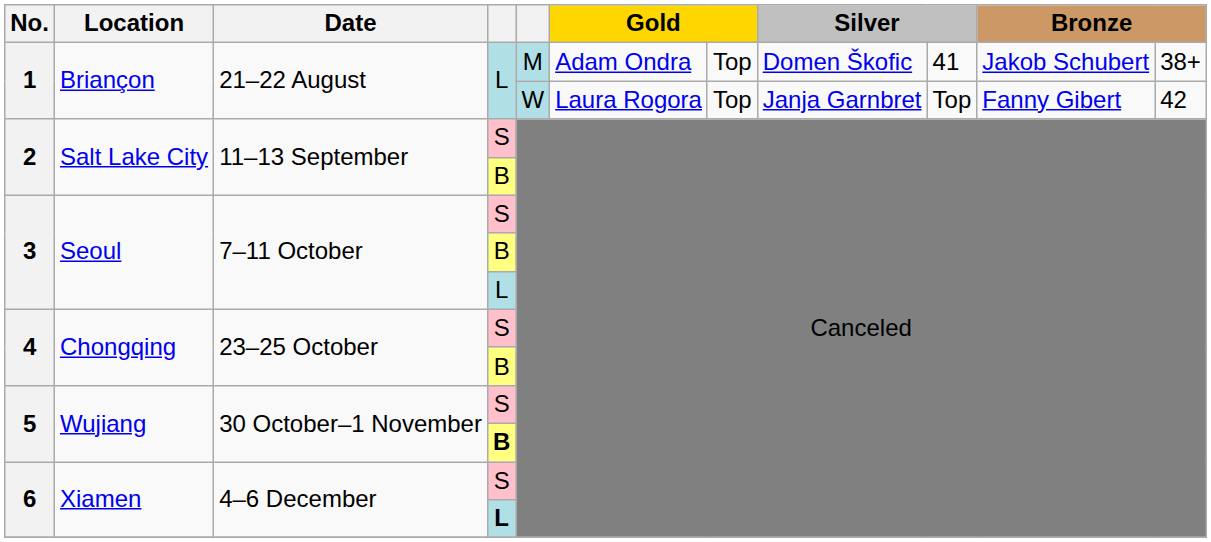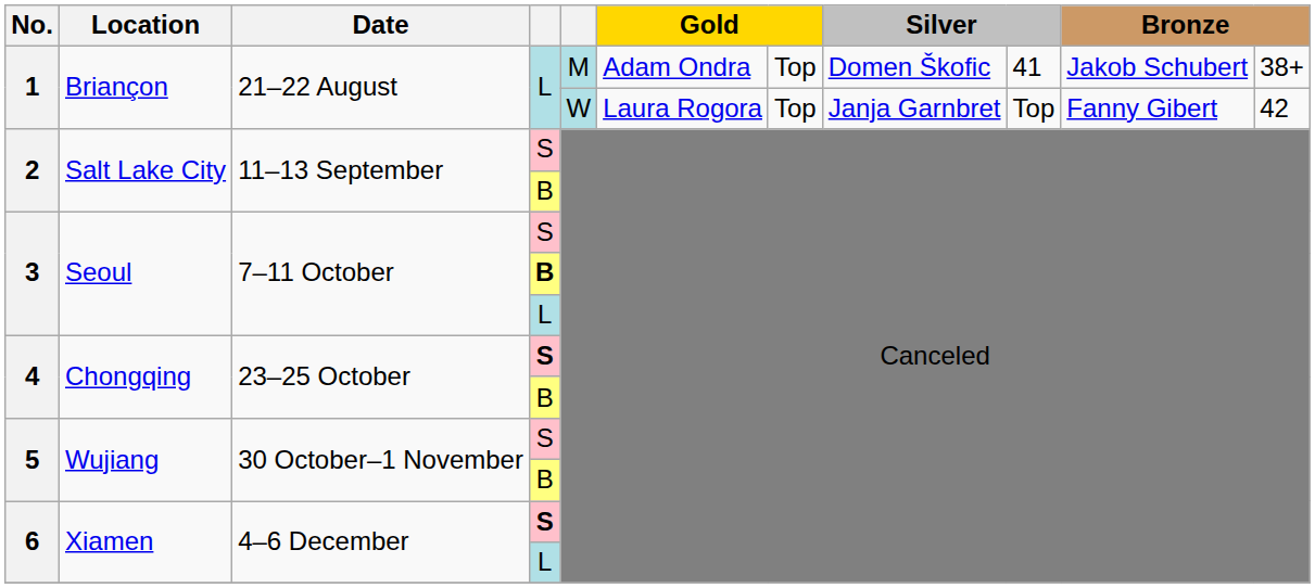 <table class="wikitable">
 <tr>
 <th>No.</th>
 <th>Location</th>
 <th>Date</th>
 <th></th>
 <th></th>
 <th colspan="2" style="background-color: gold">Gold</th>
 <th colspan="2" style="background-color: silver">Silver</th>
 <th colspan="2" style="background-color: #cc9966">Bronze</th>
 </tr>
 <tr>
 <th rowspan="2" align="center">1</th>
 <td rowspan="2"> <a href='#'>Briançon</a></td>
 <td rowspan="2">21–22 August</td>
 <td rowspan="2" align="center" style="background: PowderBlue">L</td>
 <td align="center" style="background: PowderBlue">M</td>
 <td> <a href='#'>Adam Ondra</a></td>
 <td>Top</td>
 <td> <a href='#'>Domen Škofic</a></td>
 <td>41</td>
 <td> <a href='#'>Jakob Schubert</a></td>
 <td>38+</td>
 </tr>
 <tr>
 <td align="center" style="background: PowderBlue">W</td>
 <td> <a href='#'>Laura Rogora</a></td>
 <td>Top</td>
 <td> <a href='#'>Janja Garnbret</a></td>
 <td>Top</td>
 <td> <a href='#'>Fanny Gibert</a></td>
 <td>42</td>
 </tr>
 <tr>
 <th rowspan="2" align="center">2</th>
 <td rowspan="2"> <a href='#'>Salt Lake City</a></td>
 <td rowspan="2">11–13 September</td>
 <td align="center" style="background: Pink">S</td>
 <td align="center"  rowspan ="11" colspan="7" style="background: Gray">Canceled</td>
 </tr>
 <tr>
 <td align="center" style="background: #ffff80">B</td>
 </tr>
 <tr>
 <th rowspan="3" align="center">3</th>
 <td rowspan="3"> <a href='#'>Seoul</a></td>
 <td rowspan="3">7–11 October</td>
 <td align="center" style="background: Pink">S</td>
 </tr>
 <tr>
-<td align="center" style="background: #ffff80">B</td>
+<td align="center" style="background: #ffff80"><strong>B</strong></td>
 </tr>
 <tr>
 <td align="center" style="background: PowderBlue">L</td>
 </tr>
 <tr>
 <th rowspan="2" align="center">4</th>
 <td rowspan="2"> <a href='#'>Chongqing</a></td>
 <td rowspan="2">23–25 October</td>
-<td align="center" style="background: Pink">S</td>
+<td align="center" style="background: Pink"><strong>S</strong></td>
 </tr>
 <tr>
 <td align="center" style="background: #ffff80">B</td>
 </tr>
 <tr>
 <th rowspan="2" align="center">5</th>
 <td rowspan="2"> <a href='#'>Wujiang</a></td>
 <td rowspan="2">30 October–1 November</td>
 <td align="center" style="background: Pink">S</td>
 </tr>
 <tr>
-<td align="center" style="background: #ffff80"><strong>B</strong></td>
+<td align="center" style="background: #ffff80">B</td>
 </tr>
 <tr>
 <th rowspan="2" align="center">6</th>
 <td rowspan="2"> <a href='#'>Xiamen</a></td>
 <td rowspan="2">4–6 December</td>
-<td align="center" style="background: Pink">S</td>
+<td align="center" style="background: Pink"><strong>S</strong></td>
 </tr>
 <tr>
-<td align="center" style="background: PowderBlue"><strong>L</strong></td>
+<td align="center" style="background: PowderBlue">L</td>
 </tr>
 <tr>
 </tr>
 </table>
